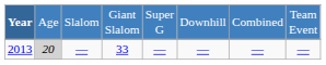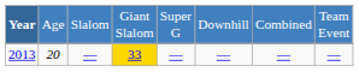 <table class="wikitable" style="font-size:95%; text-align:center; border:grey solid 1px; border-collapse:collapse;" width="50%">
 <tr style="background-color:#369; color:white;">
 <td rowspan="2" colspan="1" width="5%"><strong>Year</strong></td>
 </tr>
 <tr style="background-color:#4180be; color:white;">
 <td width="5%">Age</td>
 <td width="5%">Slalom</td>
 <td width="5%">Giant<br>Slalom</td>
 <td width="5%">Super G</td>
 <td width="5%">Downhill</td>
 <td width="5%">Combined</td>
 <td width="5%">Team Event</td>
 </tr>
 <tr style="background-color:#8CB2D8; color:white;">
 </tr>
 <tr>
 <td><a href='#'>2013</a></td>
-<td style="background: lightgrey;"><em>20</em></td>
+<td><em>20</em></td>
 <td><a href='#'>—</a></td>
-<td><a href='#'>33</a></td>
+<td style="background: gold;"><a href='#'>33</a></td>
 <td><a href='#'>—</a></td>
 <td><a href='#'>—</a></td>
 <td><a href='#'>—</a></td>
 <td><a href='#'>—</a></td>
 </tr>
 </table>
